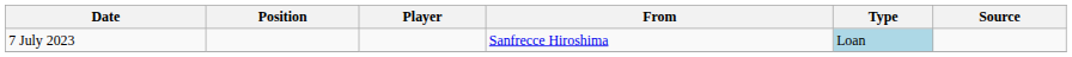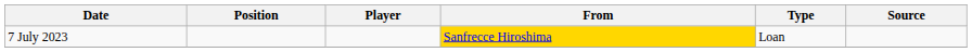 <table class="wikitable sortable" style="width:90%; text-align:center; font-size:95%; text-align:left;">
 <tr>
 <th>Date</th>
 <th>Position</th>
 <th>Player</th>
 <th>From</th>
 <th>Type</th>
 <th>Source</th>
 </tr>
 <tr>
 <td>7 July 2023</td>
 <td></td>
 <td></td>
-<td> <a href='#'>Sanfrecce Hiroshima</a></td>
-<td style="background: lightblue;">Loan</td>
+<td style="background: gold;"> <a href='#'>Sanfrecce Hiroshima</a></td>
+<td>Loan</td>
 <td></td>
 </tr>
 <tr>
 </tr>
 </table>
